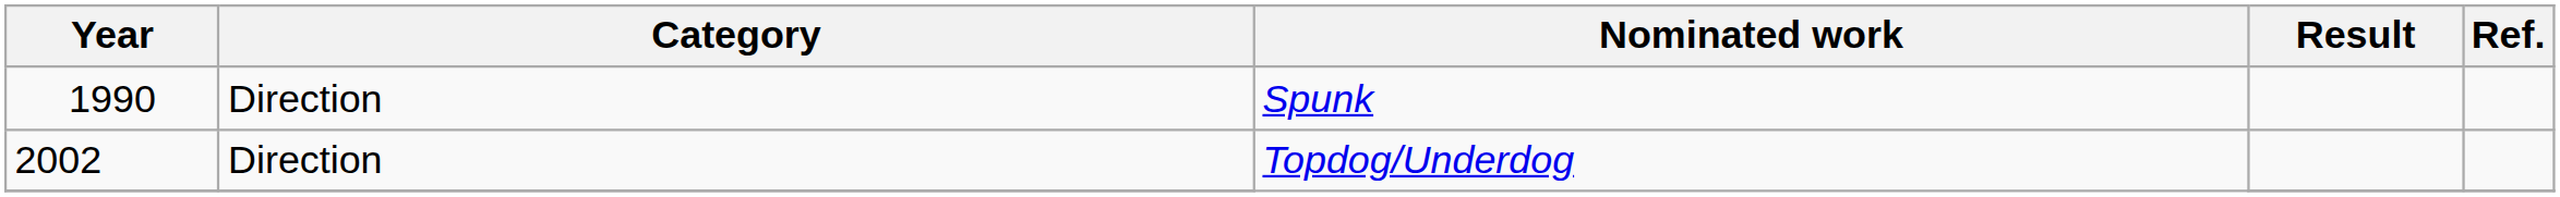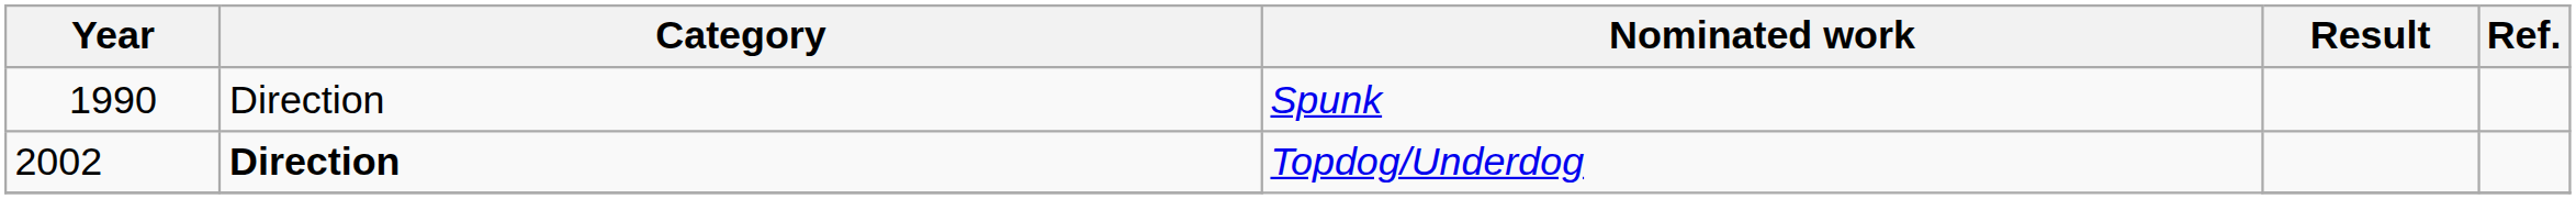 <table class=wikitable>
 <tr>
 <th scope="col" style="width:5em;">Year</th>
 <th scope="col" style="width:26em;">Category</th>
 <th scope="col" style="width:25em;">Nominated work</th>
 <th scope="col" style="width:5em;">Result</th>
 <th>Ref.</th>
 </tr>
 <tr>
 <td style="text-align:center;">1990</td>
 <td>Direction</td>
 <td rowspan="1"><em><a href='#'>Spunk</a></em></td>
 <td></td>
 <td></td>
 </tr>
 <tr>
 <td>2002</td>
-<td>Direction</td>
+<td><strong>Direction</strong></td>
 <td rowspan="2"><em><a href='#'>Topdog/Underdog</a></em></td>
 <td></td>
 <td></td>
 </tr>
 <tr>
 </tr>
 </table>
